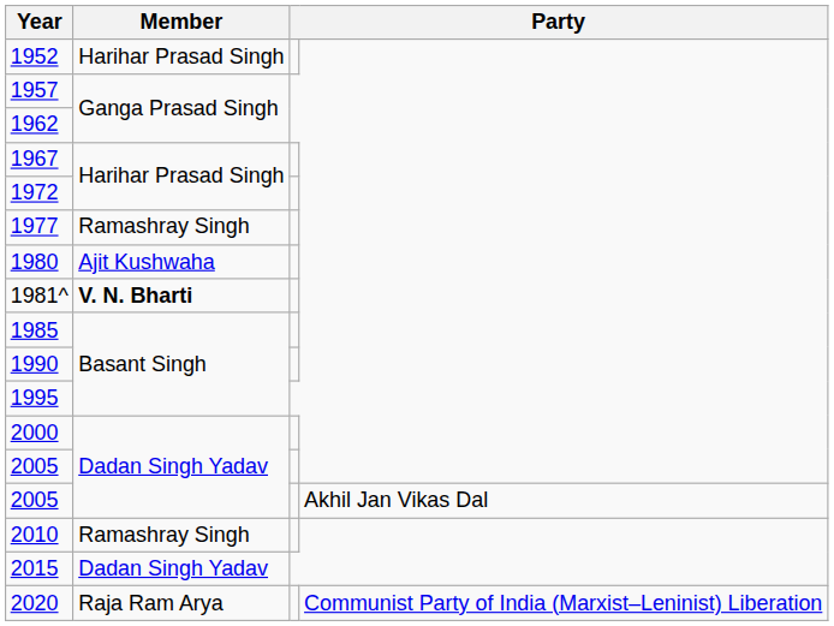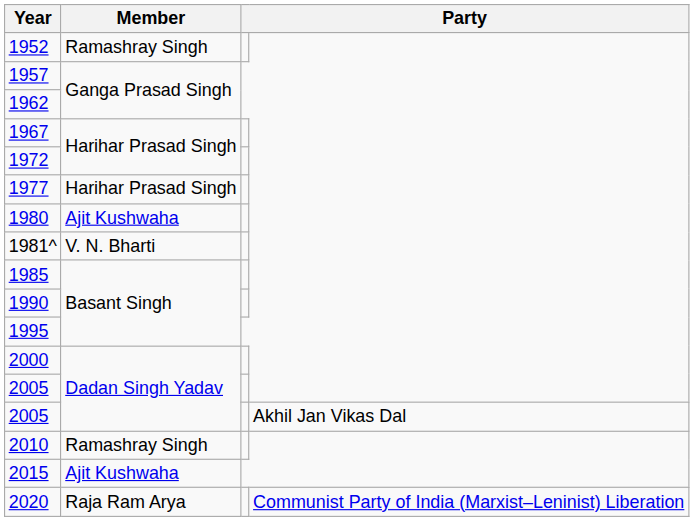 <table class="wikitable sortable">
 <tr>
 <th>Year</th>
 <th>Member</th>
 <th colspan="2">Party</th>
 </tr>
 <tr>
 <td><a href='#'>1952</a></td>
-<td>Harihar Prasad Singh</td>
+<td>Ramashray Singh</td>
 <td></td>
 </tr>
 <tr>
 <td><a href='#'>1957</a></td>
 <td rowspan="2">Ganga Prasad Singh</td>
 </tr>
 <tr>
 <td><a href='#'>1962</a></td>
 </tr>
 <tr>
 <td><a href='#'>1967</a></td>
 <td rowspan="2">Harihar Prasad Singh</td>
 <td></td>
 </tr>
 <tr>
 <td><a href='#'>1972</a></td>
 <td></td>
 </tr>
 <tr>
 <td><a href='#'>1977</a></td>
-<td>Ramashray Singh</td>
+<td>Harihar Prasad Singh</td>
 <td></td>
 </tr>
 <tr>
 <td><a href='#'>1980</a></td>
 <td><a href='#'>Ajit Kushwaha</a></td>
 <td></td>
 </tr>
 <tr>
 <td>1981^</td>
-<td><strong>V. N. Bharti</strong></td>
+<td>V. N. Bharti</td>
 <td></td>
 </tr>
 <tr>
 <td><a href='#'>1985</a></td>
 <td rowspan="3">Basant Singh</td>
 <td></td>
 </tr>
 <tr>
 <td><a href='#'>1990</a></td>
 <td></td>
 </tr>
 <tr>
 <td><a href='#'>1995</a></td>
 </tr>
 <tr>
 <td><a href='#'>2000</a></td>
 <td rowspan="3"><a href='#'>Dadan Singh Yadav</a></td>
 <td></td>
 </tr>
 <tr>
 <td><a href='#'>2005</a></td>
 <td></td>
 </tr>
 <tr>
 <td><a href='#'>2005</a></td>
 <td></td>
 <td>Akhil Jan Vikas Dal</td>
 </tr>
 <tr>
 <td><a href='#'>2010</a></td>
 <td>Ramashray Singh</td>
 <td></td>
 </tr>
 <tr>
 <td><a href='#'>2015</a></td>
-<td><a href='#'>Dadan Singh Yadav</a></td>
+<td><a href='#'>Ajit Kushwaha</a></td>
 </tr>
 <tr>
 <td><a href='#'>2020</a></td>
 <td>Raja Ram Arya</td>
 <td style="background-color: "></td>
 <td><a href='#'>Communist Party of India (Marxist–Leninist) Liberation</a></td>
 </tr>
 </table>
